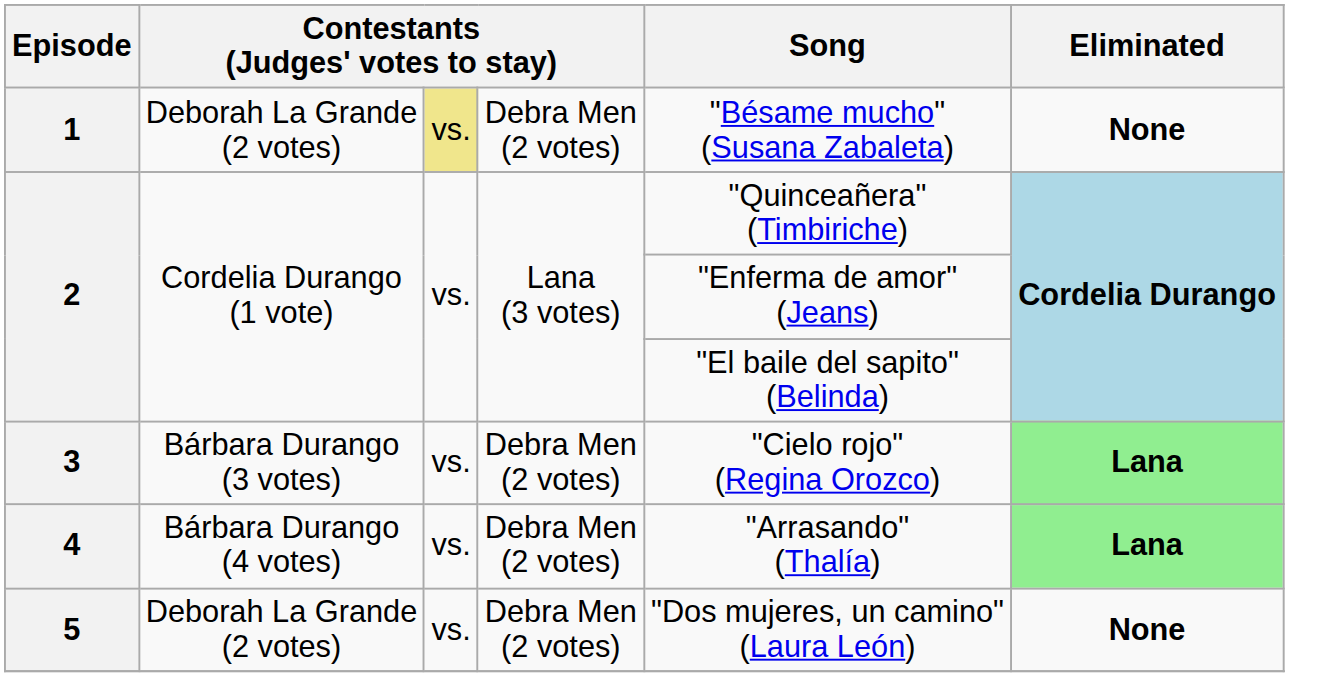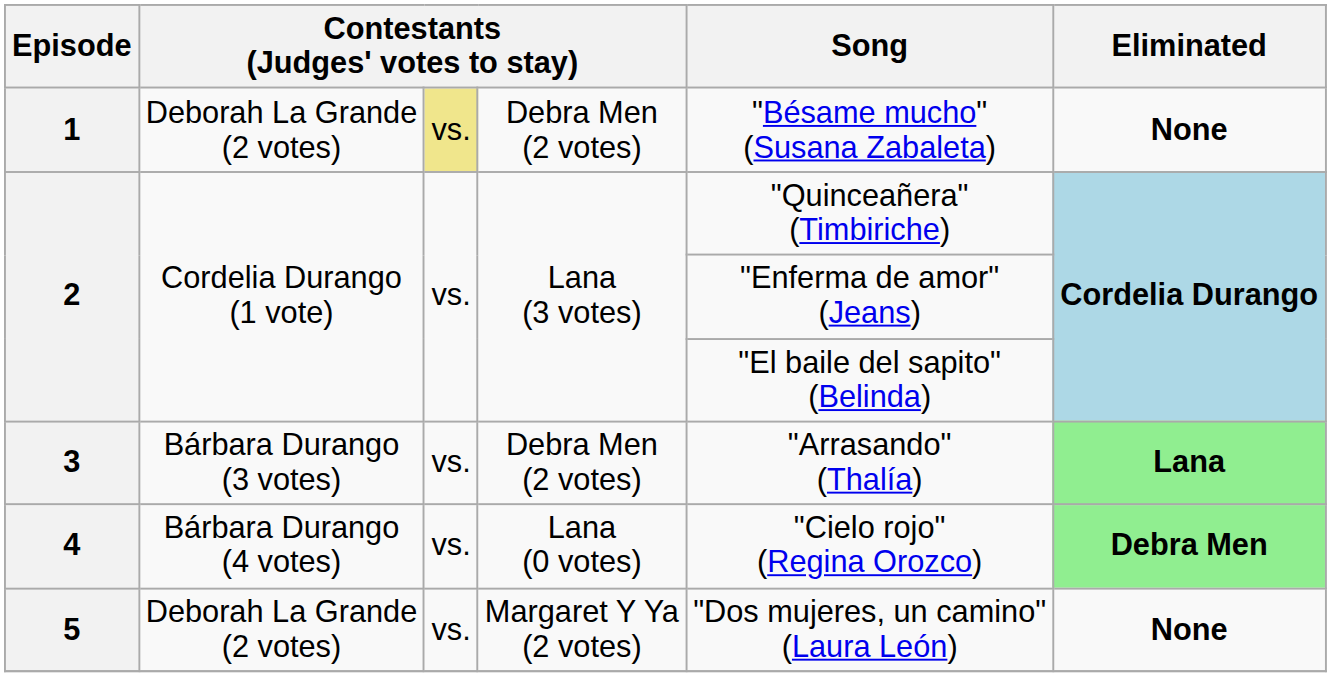 <table class="wikitable" style="text-align:center">
 <tr>
 <th scope="col">Episode</th>
 <th scope="col" colspan="3">Contestants<br>(Judges' votes to stay)</th>
 <th scope="col">Song</th>
 <th scope="col">Eliminated</th>
 </tr>
 <tr>
 <th scope="row">1</th>
 <td nowrap>Deborah La Grande<br>(2 votes)</td>
 <td style="background: khaki;">vs.</td>
 <td>Debra Men<br>(2 votes)</td>
 <td>"<a href='#'>Bésame mucho</a>"<br>(<a href='#'>Susana Zabaleta</a>)</td>
 <td><strong>None</strong></td>
 </tr>
 <tr>
 <th rowspan="3" scope="row">2</th>
 <td rowspan="3">Cordelia Durango<br>(1 vote)</td>
 <td rowspan="3">vs.</td>
 <td rowspan="3">Lana<br>(3 votes)</td>
 <td>"Quinceañera"<br>(<a href='#'>Timbiriche</a>)</td>
 <td nowrap rowspan="3" bgcolor="lightblue"><strong>Cordelia Durango</strong></td>
 </tr>
 <tr>
 <td>"Enferma de amor"<br>(<a href='#'>Jeans</a>)</td>
 </tr>
 <tr>
 <td>"El baile del sapito"<br>(<a href='#'>Belinda</a>)</td>
 </tr>
 <tr>
 <th scope="row">3</th>
 <td>Bárbara Durango<br>(3 votes)</td>
 <td>vs.</td>
 <td>Debra Men<br>(2 votes)</td>
-<td>"Cielo rojo"<br>(<a href='#'>Regina Orozco</a>)</td>
+<td>"Arrasando"<br>(<a href='#'>Thalía</a>)</td>
 <td bgcolor="lightgreen"><strong>Lana</strong></td>
 </tr>
 <tr>
 <th scope="row">4</th>
 <td>Bárbara Durango<br>(4 votes)</td>
 <td>vs.</td>
-<td>Debra Men<br>(2 votes)</td>
-<td>"Arrasando"<br>(<a href='#'>Thalía</a>)</td>
-<td bgcolor="lightgreen"><strong>Lana</strong></td>
+<td>Lana<br>(0 votes)</td>
+<td>"Cielo rojo"<br>(<a href='#'>Regina Orozco</a>)</td>
+<td bgcolor="lightgreen"><strong>Debra Men</strong></td>
 </tr>
 <tr>
 <th scope="row">5</th>
 <td>Deborah La Grande<br>(2 votes)</td>
 <td>vs.</td>
-<td>Debra Men<br>(2 votes)</td>
+<td nowrap>Margaret Y Ya<br>(2 votes)</td>
 <td nowrap>"Dos mujeres, un camino"<br>(<a href='#'>Laura León</a>)</td>
 <td><strong>None</strong></td>
 </tr>
 <tr>
 </tr>
 </table>
